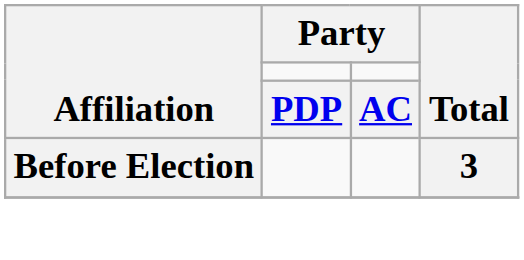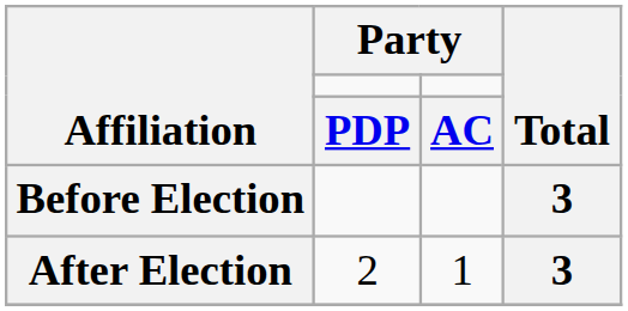 <table class=wikitable style="text-align:center">
 <tr style="vertical-align:bottom;">
 <th rowspan=3>Affiliation</th>
 <th colspan=2>Party</th>
 <th rowspan=3>Total</th>
 </tr>
 <tr>
 <td style="background-color:"></td>
 <td style="background-color:"></td>
 </tr>
 <tr>
 <th><a href='#'>PDP</a></th>
 <th><a href='#'>AC</a></th>
 </tr>
 <tr>
 <th>Before Election</th>
 <td></td>
 <td></td>
 <th>3</th>
 </tr>
 <tr>
+<th>After Election</th>
+<td>2</td>
+<td>1</td>
+<th>3</th>
+</tr>
+<tr>
 </tr>
 </table>
